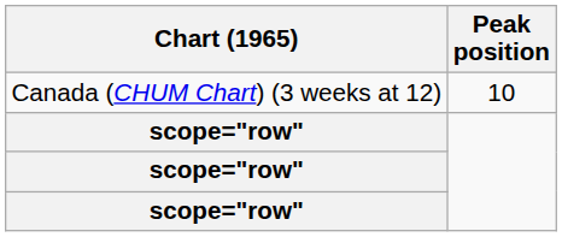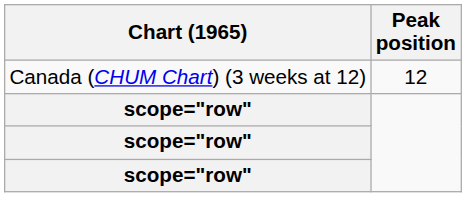 <table class="wikitable sortable plainrowheaders">
 <tr>
 <th align="left">Chart (1965)</th>
 <th style="text-align:center;">Peak<br>position</th>
 </tr>
 <tr>
 <td>Canada (<em><a href='#'>CHUM Chart</a></em>) (3 weeks at 12)</td>
-<td align="center">10</td>
+<td align="center">12</td>
 </tr>
 <tr>
 <th>scope="row" </th>
 </tr>
 <tr>
 <th>scope="row" </th>
 </tr>
 <tr>
 <th>scope="row" </th>
 </tr>
 </table>
